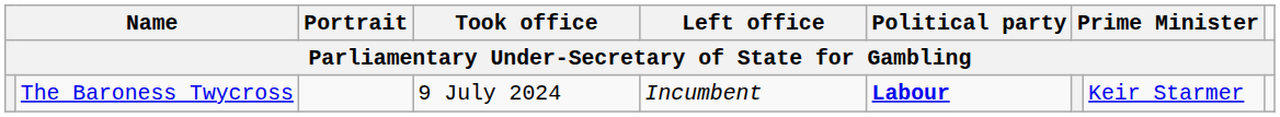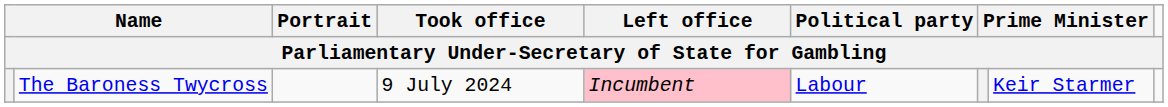 <table class="wikitable">
 <tr>
 <th colspan="2">Name</th>
 <th>Portrait</th>
 <th width="130">Took office</th>
 <th width="130">Left office</th>
 <th>Political party</th>
 <th colspan="2">Prime Minister</th>
 </tr>
 <tr>
 <th colspan="9">Parliamentary Under-Secretary of State for Gambling</th>
 </tr>
 <tr>
 <th style="background-color: "></th>
 <td><a href='#'>The Baroness Twycross</a></td>
 <td></td>
 <td>9 July 2024</td>
-<td><em>Incumbent</em></td>
-<td><strong><a href='#'>Labour</a></strong></td>
+<td style="background: pink;"><em>Incumbent</em></td>
+<td><a href='#'>Labour</a></td>
 <th style="background-color: "></th>
 <td><a href='#'>Keir Starmer</a></td>
 <td></td>
 </tr>
 </table>
